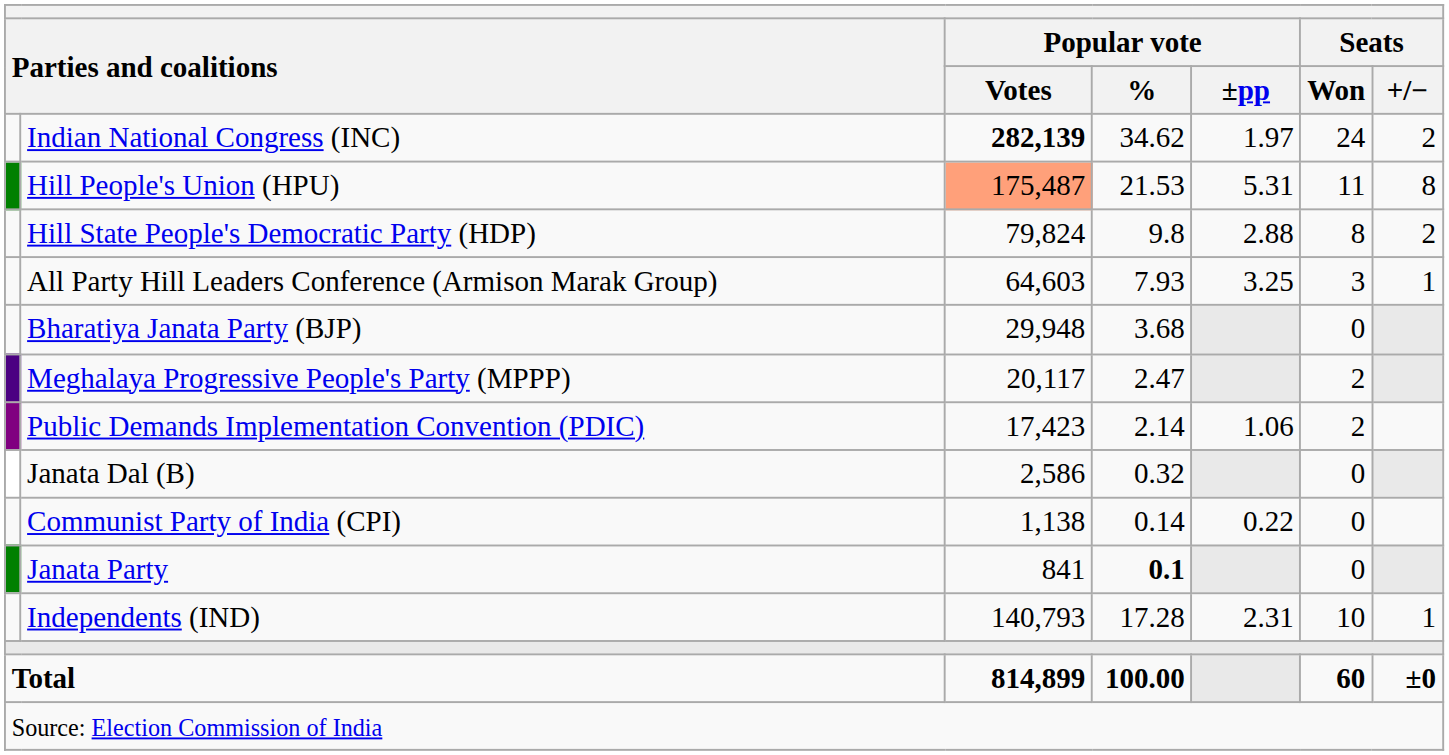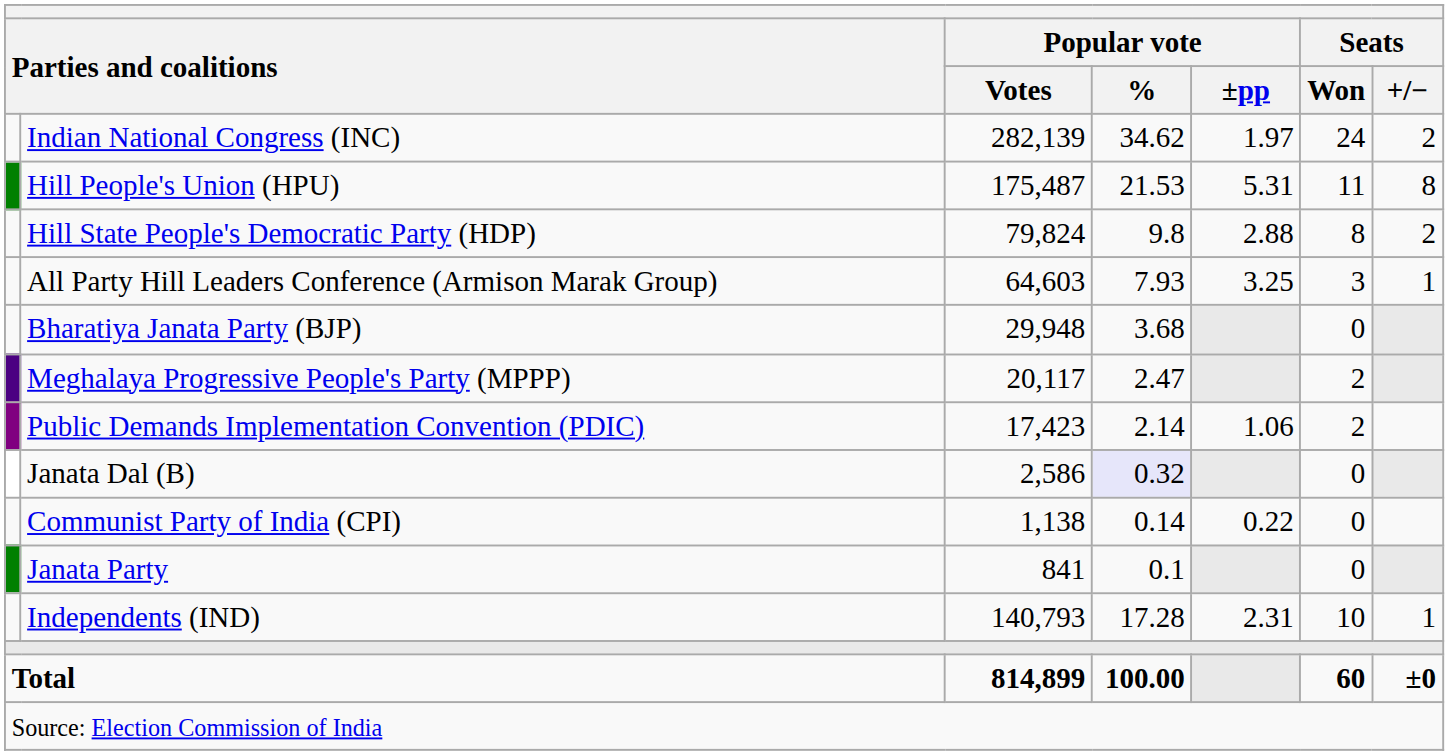 <table class="wikitable" style="text-align:right; font-size:95%;">
 <tr>
 <th colspan=10></th>
 </tr>
 <tr>
 <th style="text-align:left;" rowspan="2" colspan="2" width="485">Parties and coalitions</th>
 <th colspan="3">Popular vote</th>
 <th colspan="2">Seats</th>
 </tr>
 <tr>
 <th width="70">Votes</th>
 <th width="45">%</th>
 <th width="50">±<a href='#'>pp</a></th>
 <th width="30">Won</th>
 <th width="30">+/−</th>
 </tr>
 <tr>
 <td width="1" style="color:inherit;background:"></td>
 <td align="left"><a href='#'>Indian National Congress</a> (INC)</td>
-<td><strong>282,139</strong></td>
+<td>282,139</td>
 <td>34.62</td>
 <td>1.97 </td>
 <td>24</td>
 <td>2 </td>
 </tr>
 <tr>
 <td width="1" bgcolor="green"></td>
 <td align="left"><a href='#'>Hill People's Union</a> (HPU)</td>
-<td style="background: lightsalmon;">175,487</td>
+<td>175,487</td>
 <td>21.53</td>
 <td>5.31 </td>
 <td>11</td>
 <td>8 </td>
 </tr>
 <tr>
 <td width="1"></td>
 <td align="left"><a href='#'>Hill State People's Democratic Party</a> (HDP)</td>
 <td>79,824</td>
 <td>9.8</td>
 <td>2.88 </td>
 <td>8</td>
 <td>2 </td>
 </tr>
 <tr>
 <td width="1"></td>
 <td align="left">All Party Hill Leaders Conference (Armison Marak Group)</td>
 <td>64,603</td>
 <td>7.93</td>
 <td>3.25 </td>
 <td>3</td>
 <td>1 </td>
 </tr>
 <tr>
 <td width="1"></td>
 <td align="left"><a href='#'>Bharatiya Janata Party</a> (BJP)</td>
 <td>29,948</td>
 <td>3.68</td>
 <td style="color:inherit;background:#E9E9E9"></td>
 <td>0</td>
 <td style="color:inherit;background:#E9E9E9"></td>
 </tr>
 <tr>
 <td width="1" bgcolor="indigo"></td>
 <td align="left"><a href='#'>Meghalaya Progressive People's Party</a> (MPPP)</td>
 <td>20,117</td>
 <td>2.47</td>
 <td style="color:inherit;background:#E9E9E9"></td>
 <td>2</td>
 <td style="color:inherit;background:#E9E9E9"></td>
 </tr>
 <tr>
 <td width="1" bgcolor="purple"></td>
 <td align="left"><a href='#'>Public Demands Implementation Convention (PDIC)</a></td>
 <td>17,423</td>
 <td>2.14</td>
 <td>1.06 </td>
 <td>2</td>
 <td></td>
 </tr>
 <tr>
 <td width="1" bgcolor="white"></td>
 <td align="left">Janata Dal (B)</td>
 <td>2,586</td>
-<td>0.32</td>
+<td style="background: lavender;">0.32</td>
 <td style="color:inherit;background:#E9E9E9"></td>
 <td>0</td>
 <td style="color:inherit;background:#E9E9E9"></td>
 </tr>
 <tr>
 <td></td>
 <td align="left"><a href='#'>Communist Party of India</a> (CPI)</td>
 <td>1,138</td>
 <td>0.14</td>
 <td>0.22 </td>
 <td>0</td>
 <td></td>
 </tr>
 <tr>
 <td width="1" bgcolor="green"></td>
 <td align="left"><a href='#'>Janata Party</a></td>
 <td>841</td>
-<td><strong>0.1</strong></td>
+<td>0.1</td>
 <td style="color:inherit;background:#E9E9E9"></td>
 <td>0</td>
 <td style="color:inherit;background:#E9E9E9"></td>
 </tr>
 <tr>
 <td></td>
 <td align="left"><a href='#'>Independents</a> (IND)</td>
 <td>140,793</td>
 <td>17.28</td>
 <td>2.31 </td>
 <td>10</td>
 <td>1 </td>
 </tr>
 <tr>
 <td colspan="7" bgcolor="#E9E9E9"></td>
 </tr>
 <tr style="font-weight:bold;">
 <td align="left" colspan="2">Total</td>
 <td>814,899</td>
 <td>100.00</td>
 <td bgcolor="#E9E9E9"></td>
 <td>60</td>
 <td>±0</td>
 </tr>
 <tr>
 <td style="text-align:left;" colspan="7"><small>Source: <a href='#'>Election Commission of India</a></small></td>
 </tr>
 </table>
